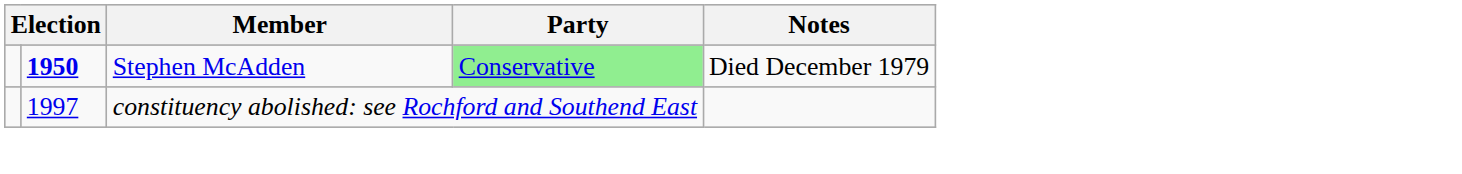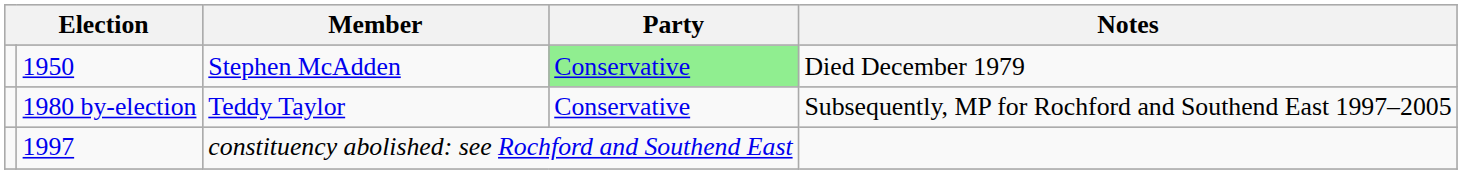 <table class="wikitable">
 <tr>
 <th colspan="2">Election</th>
 <th>Member</th>
 <th>Party</th>
 <th>Notes</th>
 </tr>
 <tr>
 <td style="color:inherit;background-color: "></td>
-<td><strong><a href='#'>1950</a></strong></td>
+<td><a href='#'>1950</a></td>
 <td><a href='#'>Stephen McAdden</a></td>
 <td style="background: lightgreen;"><a href='#'>Conservative</a></td>
 <td>Died December 1979</td>
+</tr>
+<tr>
+<td style="color:inherit;background-color: "></td>
+<td><a href='#'>1980 by-election</a></td>
+<td><a href='#'>Teddy Taylor</a></td>
+<td><a href='#'>Conservative</a></td>
+<td>Subsequently, MP for Rochford and Southend East 1997–2005</td>
 </tr>
 <tr>
 <td></td>
 <td><a href='#'>1997</a></td>
 <td colspan="2"><em>constituency abolished: see <a href='#'>Rochford and Southend East</a></em></td>
 </tr>
 </table>
